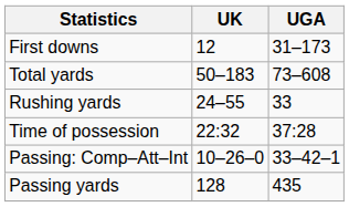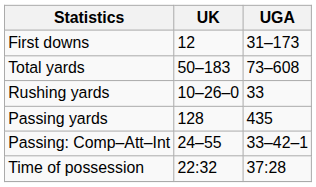 <table class="wikitable" style="float: left;">
 <tr>
 <th>Statistics</th>
 <th>UK</th>
 <th>UGA</th>
 </tr>
 <tr>
 <td>First downs</td>
 <td>12</td>
 <td>31–173</td>
 </tr>
 <tr>
 <td>Total yards</td>
 <td>50–183</td>
 <td>73–608</td>
 </tr>
 <tr>
 <td>Rushing yards</td>
+<td>10–26–0</td>
+<td>33</td>
+</tr>
+<tr>
+<td>Passing yards</td>
+<td>128</td>
+<td>435</td>
+</tr>
+<tr>
+<td>Passing: Comp–Att–Int</td>
 <td>24–55</td>
-<td>33</td>
+<td>33–42–1</td>
 </tr>
 <tr>
 <td>Time of possession</td>
 <td>22:32</td>
 <td>37:28</td>
 </tr>
 <tr>
-<td>Passing: Comp–Att–Int</td>
-<td>10–26–0</td>
-<td>33–42–1</td>
-</tr>
-<tr>
-<td>Passing yards</td>
-<td>128</td>
-<td>435</td>
-</tr>
-<tr>
 </tr>
 </table>
